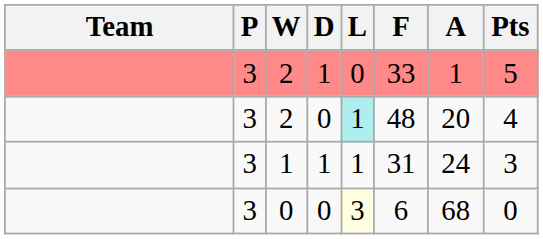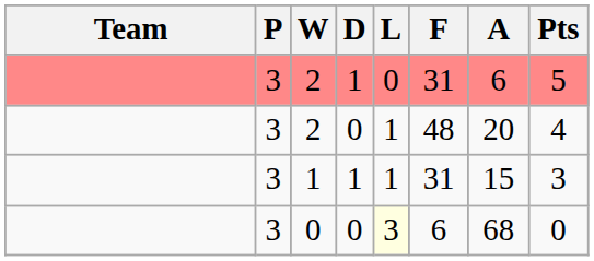 <table class="wikitable" style="text-align:center;">
 <tr>
 <th width="120px">Team</th>
 <th>P</th>
 <th>W</th>
 <th>D</th>
 <th>L</th>
 <th width="23px">F</th>
 <th width="23px">A</th>
 <th width="23px">Pts</th>
 </tr>
 <tr bgcolor="#FF8888">
 <td></td>
 <td>3</td>
 <td>2</td>
 <td>1</td>
 <td>0</td>
-<td>33</td>
-<td>1</td>
+<td>31</td>
+<td>6</td>
 <td>5</td>
 </tr>
 <tr>
 <td></td>
 <td>3</td>
 <td>2</td>
 <td>0</td>
-<td style="background: paleturquoise;">1</td>
+<td>1</td>
 <td>48</td>
 <td>20</td>
 <td>4</td>
 </tr>
 <tr>
 <td></td>
 <td>3</td>
 <td>1</td>
 <td>1</td>
 <td>1</td>
 <td>31</td>
-<td>24</td>
+<td>15</td>
 <td>3</td>
 </tr>
 <tr>
 <td></td>
 <td>3</td>
 <td>0</td>
 <td>0</td>
 <td style="background: lightyellow;">3</td>
 <td>6</td>
 <td>68</td>
 <td>0</td>
 </tr>
 </table>
